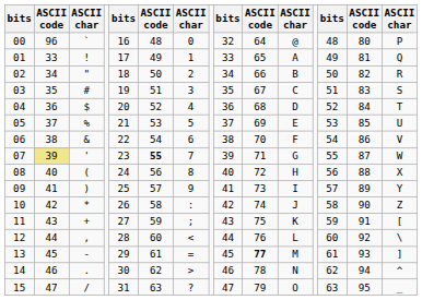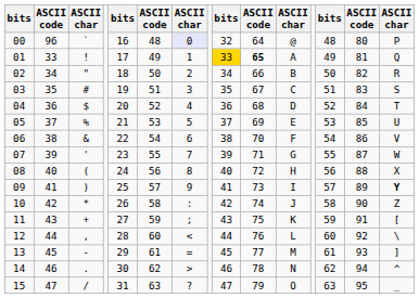 <table class="wikitable" style="text-align:center">
 <tr>
 <th scope="col">bits</th>
 <th scope="col">ASCII<br>code</th>
 <th scope="col">ASCII<br>char</th>
 <td rowspan="17"></td>
 <th scope="col">bits</th>
 <th scope="col">ASCII<br>code</th>
 <th scope="col">ASCII<br>char</th>
 <td rowspan="17"></td>
 <th scope="col">bits</th>
 <th scope="col">ASCII<br>code</th>
 <th scope="col">ASCII<br>char</th>
 <td rowspan="17"></td>
 <th scope="col">bits</th>
 <th scope="col">ASCII<br>code</th>
 <th scope="col">ASCII<br>char</th>
 </tr>
 <tr>
 <td>00</td>
 <td>96</td>
 <td><code>`</code></td>
 <td>16</td>
 <td>48</td>
-<td><code>0</code></td>
+<td style="background: lavender;"><code>0</code></td>
 <td>32</td>
 <td>64</td>
 <td><code>@</code></td>
 <td>48</td>
 <td>80</td>
 <td><code>P</code></td>
 </tr>
 <tr>
 <td>01</td>
 <td>33</td>
 <td><code>!</code></td>
 <td>17</td>
 <td>49</td>
 <td><code>1</code></td>
-<td>33</td>
-<td>65</td>
+<td style="background: gold;">33</td>
+<td><strong>65</strong></td>
 <td><code>A</code></td>
 <td>49</td>
 <td>81</td>
 <td><code>Q</code></td>
 </tr>
 <tr>
 <td>02</td>
 <td>34</td>
 <td><code>"</code></td>
 <td>18</td>
 <td>50</td>
 <td><code>2</code></td>
 <td>34</td>
 <td>66</td>
 <td><code>B</code></td>
 <td>50</td>
 <td>82</td>
 <td><code>R</code></td>
 </tr>
 <tr>
 <td>03</td>
 <td>35</td>
 <td><code>#</code></td>
 <td>19</td>
 <td>51</td>
 <td><code>3</code></td>
 <td>35</td>
 <td>67</td>
 <td><code>C</code></td>
 <td>51</td>
 <td>83</td>
 <td><code>S</code></td>
 </tr>
 <tr>
 <td>04</td>
 <td>36</td>
 <td><code>$</code></td>
 <td>20</td>
 <td>52</td>
 <td><code>4</code></td>
 <td>36</td>
 <td>68</td>
 <td><code>D</code></td>
 <td>52</td>
 <td>84</td>
 <td><code>T</code></td>
 </tr>
 <tr>
 <td>05</td>
 <td>37</td>
 <td><code>%</code></td>
 <td>21</td>
 <td>53</td>
 <td><code>5</code></td>
 <td>37</td>
 <td>69</td>
 <td><code>E</code></td>
 <td>53</td>
 <td>85</td>
 <td><code>U</code></td>
 </tr>
 <tr>
 <td>06</td>
 <td>38</td>
 <td><code>&</code></td>
 <td>22</td>
 <td>54</td>
 <td><code>6</code></td>
 <td>38</td>
 <td>70</td>
 <td><code>F</code></td>
 <td>54</td>
 <td>86</td>
 <td><code>V</code></td>
 </tr>
 <tr>
 <td>07</td>
-<td style="background: khaki;">39</td>
+<td>39</td>
 <td><code>'</code></td>
 <td>23</td>
-<td><strong>55</strong></td>
+<td>55</td>
 <td><code>7</code></td>
 <td>39</td>
 <td>71</td>
 <td><code>G</code></td>
 <td>55</td>
 <td>87</td>
 <td><code>W</code></td>
 </tr>
 <tr>
 <td>08</td>
 <td>40</td>
 <td><code>(</code></td>
 <td>24</td>
 <td>56</td>
 <td><code>8</code></td>
 <td>40</td>
 <td>72</td>
 <td><code>H</code></td>
 <td>56</td>
 <td>88</td>
 <td><code>X</code></td>
 </tr>
 <tr>
 <td>09</td>
 <td>41</td>
 <td><code>)</code></td>
 <td>25</td>
 <td>57</td>
 <td><code>9</code></td>
 <td>41</td>
 <td>73</td>
 <td><code>I</code></td>
 <td>57</td>
 <td>89</td>
-<td><code>Y</code></td>
+<td><strong><code>Y</code></strong></td>
 </tr>
 <tr>
 <td>10</td>
 <td>42</td>
 <td><code>*</code></td>
 <td>26</td>
 <td>58</td>
 <td><code>:</code></td>
 <td>42</td>
 <td>74</td>
 <td><code>J</code></td>
 <td>58</td>
 <td>90</td>
 <td><code>Z</code></td>
 </tr>
 <tr>
 <td>11</td>
 <td>43</td>
 <td><code>+</code></td>
 <td>27</td>
 <td>59</td>
 <td><code>;</code></td>
 <td>43</td>
 <td>75</td>
 <td><code>K</code></td>
 <td>59</td>
 <td>91</td>
 <td><code>[</code></td>
 </tr>
 <tr>
 <td>12</td>
 <td>44</td>
 <td><code>,</code></td>
 <td>28</td>
 <td>60</td>
 <td><code><</code></td>
 <td>44</td>
 <td>76</td>
 <td><code>L</code></td>
 <td>60</td>
 <td>92</td>
 <td><code>\</code></td>
 </tr>
 <tr>
 <td>13</td>
 <td>45</td>
 <td><code>-</code></td>
 <td>29</td>
 <td>61</td>
 <td><code>=</code></td>
 <td>45</td>
-<td><strong>77</strong></td>
+<td>77</td>
 <td><code>M</code></td>
 <td>61</td>
 <td>93</td>
 <td><code>]</code></td>
 </tr>
 <tr>
 <td>14</td>
 <td>46</td>
 <td><code>.</code></td>
 <td>30</td>
 <td>62</td>
 <td><code>></code></td>
 <td>46</td>
 <td>78</td>
 <td><code>N</code></td>
 <td>62</td>
 <td>94</td>
 <td><code>^</code></td>
 </tr>
 <tr>
 <td>15</td>
 <td>47</td>
 <td><code>/</code></td>
 <td>31</td>
 <td>63</td>
 <td><code>?</code></td>
 <td>47</td>
 <td>79</td>
 <td><code>O</code></td>
 <td>63</td>
 <td>95</td>
 <td><code>_</code></td>
 </tr>
 </table>
